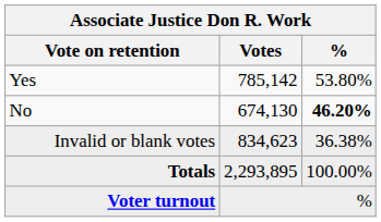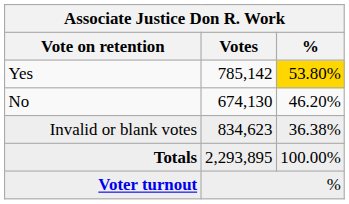 <table class="wikitable" style="font-size: 95%;">
 <tr style="background-color:#E9E9E9">
 <th colspan=7>Associate Justice Don R. Work</th>
 </tr>
 <tr style="background-color:#E9E9E9">
 <th style="width: 170px">Vote on retention</th>
 <th style="width: 50px">Votes</th>
 <th style="width: 40px">%</th>
 </tr>
 <tr>
 <td>Yes</td>
 <td align="right">785,142</td>
-<td align="right">53.80%</td>
+<td align="right" style="background: gold;">53.80%</td>
 </tr>
 <tr>
 <td>No</td>
 <td align="right">674,130</td>
-<td align="right"><strong>46.20%</strong></td>
+<td align="right">46.20%</td>
 </tr>
 <tr style="background-color:#EEEEEE">
 <td align="right">Invalid or blank votes</td>
 <td align="right">834,623</td>
 <td align="right">36.38%</td>
 </tr>
 <tr style="background-color:#EEEEEE">
 <td colspan="1" align="right"><strong>Totals</strong></td>
 <td align="right">2,293,895</td>
 <td align="right">100.00%</td>
 </tr>
 <tr style="background-color:#EEEEEE">
 <td align="right"><strong><a href='#'>Voter turnout</a></strong></td>
 <td colspan="2" align="right">%</td>
 </tr>
 </table>
